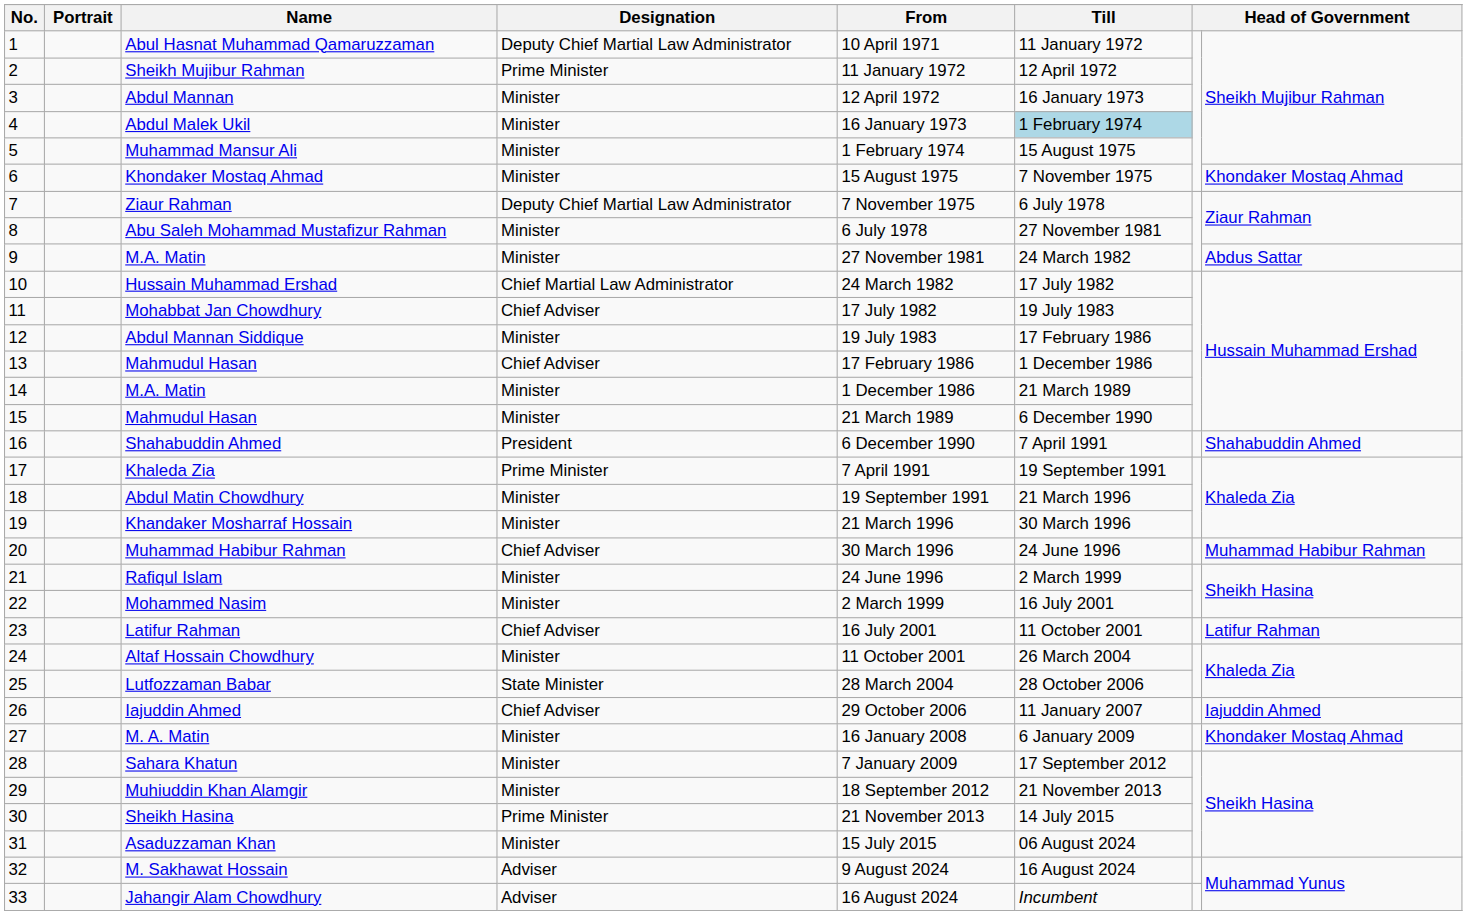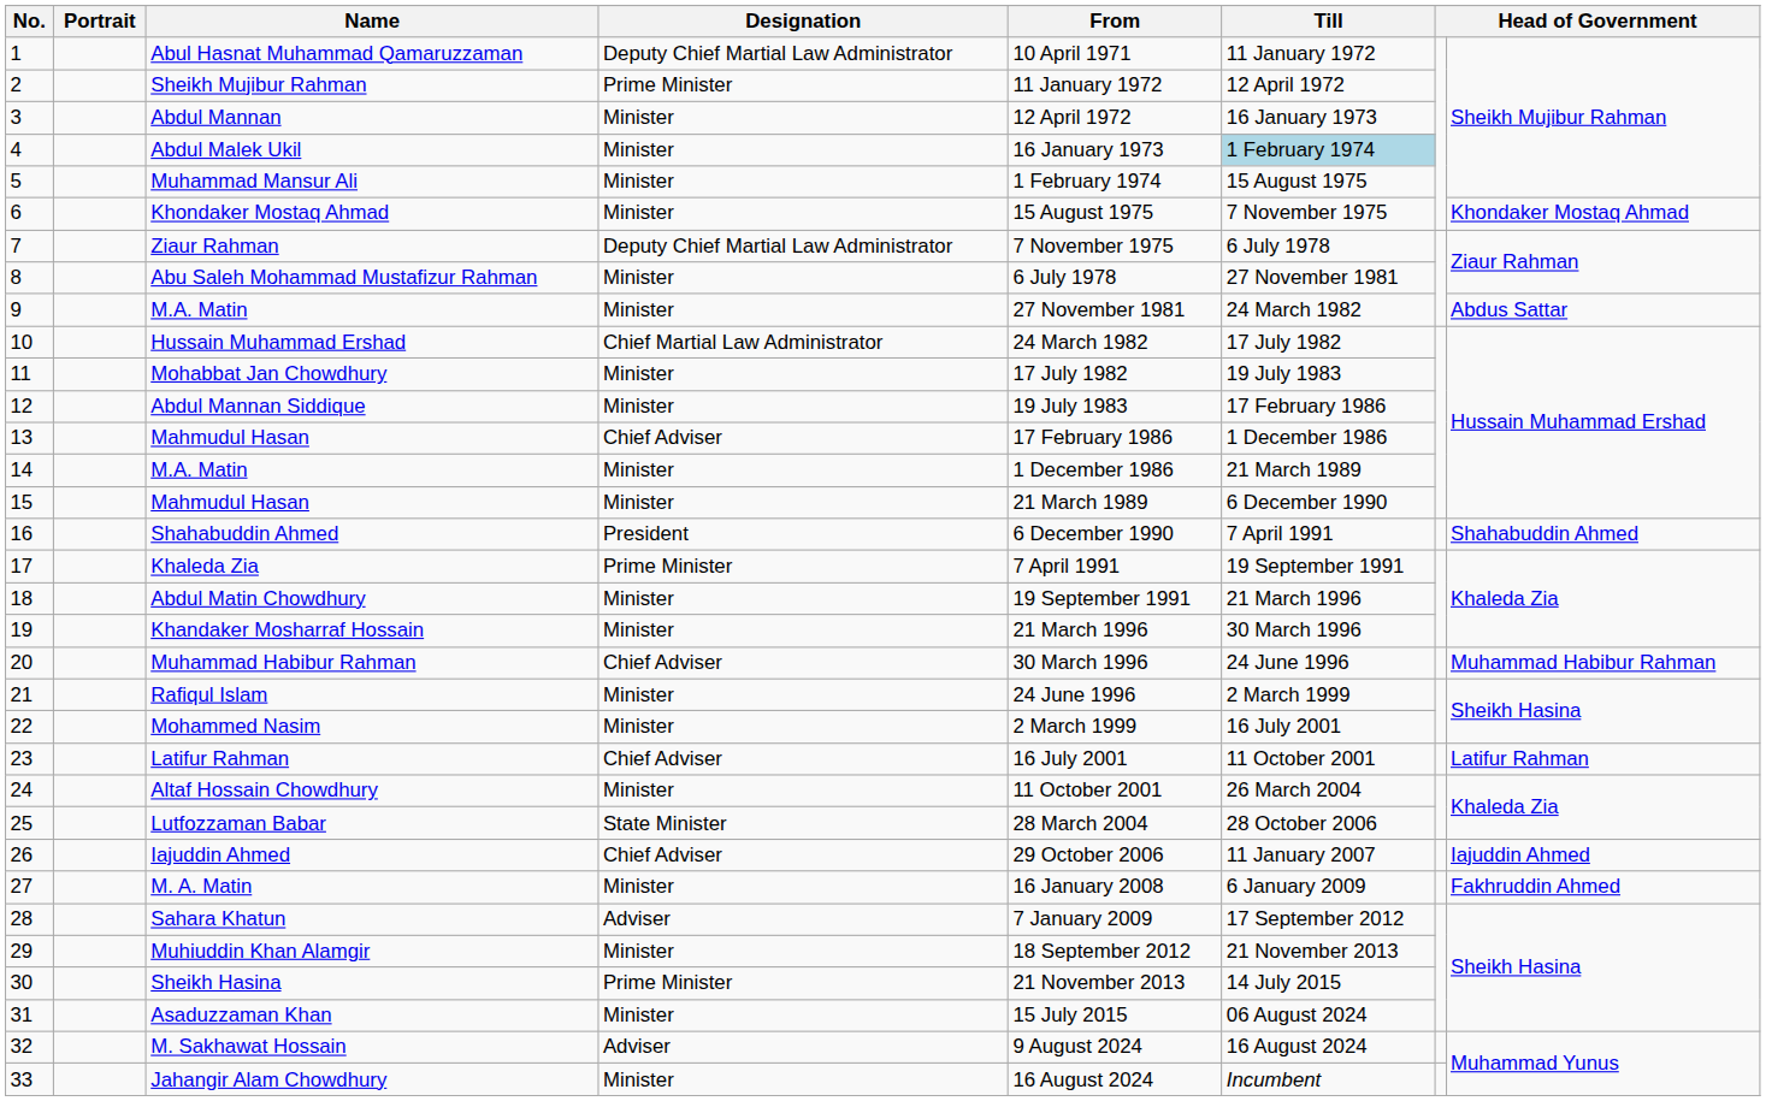 <table class="wikitable sortable" style="width:70%;">
 <tr align=center>
 </tr>
 <tr>
 <th align=center>No.</th>
 <th align=center>Portrait</th>
 <th align=center>Name</th>
 <th align=center>Designation</th>
 <th align=center>From</th>
 <th align=center>Till</th>
 <th align=center colspan=2>Head of Government</th>
 </tr>
 <tr>
 <td>1</td>
 <td></td>
 <td><a href='#'>Abul Hasnat Muhammad Qamaruzzaman</a></td>
 <td>Deputy Chief Martial Law Administrator</td>
 <td>10 April 1971</td>
 <td>11 January 1972</td>
 <td rowspan=6 style="background-color: "></td>
 <td rowspan=5><a href='#'>Sheikh Mujibur Rahman</a></td>
 </tr>
 <tr>
 <td>2</td>
 <td></td>
 <td><a href='#'>Sheikh Mujibur Rahman</a></td>
 <td>Prime Minister</td>
 <td>11 January 1972</td>
 <td>12 April 1972</td>
 </tr>
 <tr>
 <td>3</td>
 <td></td>
 <td><a href='#'>Abdul Mannan</a></td>
 <td>Minister</td>
 <td>12 April 1972</td>
 <td>16 January 1973</td>
 </tr>
 <tr>
 <td>4</td>
 <td></td>
 <td><a href='#'>Abdul Malek Ukil</a></td>
 <td>Minister</td>
 <td>16 January 1973</td>
 <td style="background: lightblue;">1 February 1974</td>
 </tr>
 <tr>
 <td>5</td>
 <td></td>
 <td><a href='#'>Muhammad Mansur Ali</a></td>
 <td>Minister</td>
 <td>1 February 1974</td>
 <td>15 August 1975</td>
 </tr>
 <tr>
 <td>6</td>
 <td></td>
 <td><a href='#'>Khondaker Mostaq Ahmad</a></td>
 <td>Minister</td>
 <td>15 August 1975</td>
 <td>7 November 1975</td>
 <td><a href='#'>Khondaker Mostaq Ahmad</a></td>
 </tr>
 <tr>
 <td>7</td>
 <td></td>
 <td><a href='#'>Ziaur Rahman</a></td>
 <td>Deputy Chief Martial Law Administrator</td>
 <td>7 November 1975</td>
 <td>6 July 1978</td>
 <td rowspan=3 style="background-color: "></td>
 <td rowspan=2><a href='#'>Ziaur Rahman</a></td>
 </tr>
 <tr>
 <td>8</td>
 <td></td>
 <td><a href='#'>Abu Saleh Mohammad Mustafizur Rahman</a></td>
 <td>Minister</td>
 <td>6 July 1978</td>
 <td>27 November 1981</td>
 </tr>
 <tr>
 <td>9</td>
 <td></td>
 <td><a href='#'>M.A. Matin</a></td>
 <td>Minister</td>
 <td>27 November 1981</td>
 <td>24 March 1982</td>
 <td><a href='#'>Abdus Sattar</a></td>
 </tr>
 <tr>
 <td>10</td>
 <td></td>
 <td><a href='#'>Hussain Muhammad Ershad</a></td>
 <td>Chief Martial Law Administrator</td>
 <td>24 March 1982</td>
 <td>17 July 1982</td>
 <td rowspan=6 style="background-color: "></td>
 <td rowspan=6><a href='#'>Hussain Muhammad Ershad</a></td>
 </tr>
 <tr>
 <td>11</td>
 <td></td>
 <td><a href='#'>Mohabbat Jan Chowdhury</a></td>
-<td>Chief Adviser</td>
+<td>Minister</td>
 <td>17 July 1982</td>
 <td>19 July 1983</td>
 </tr>
 <tr>
 <td>12</td>
 <td></td>
 <td><a href='#'>Abdul Mannan Siddique</a></td>
 <td>Minister</td>
 <td>19 July 1983</td>
 <td>17 February 1986</td>
 </tr>
 <tr>
 <td>13</td>
 <td></td>
 <td><a href='#'>Mahmudul Hasan</a></td>
 <td>Chief Adviser</td>
 <td>17 February 1986</td>
 <td>1 December 1986</td>
 </tr>
 <tr>
 <td>14</td>
 <td></td>
 <td><a href='#'>M.A. Matin</a></td>
 <td>Minister</td>
 <td>1 December 1986</td>
 <td>21 March 1989</td>
 </tr>
 <tr>
 <td>15</td>
 <td></td>
 <td><a href='#'>Mahmudul Hasan</a></td>
 <td>Minister</td>
 <td>21 March 1989</td>
 <td>6 December 1990</td>
 </tr>
 <tr>
 <td>16</td>
 <td></td>
 <td><a href='#'>Shahabuddin Ahmed</a></td>
 <td>President</td>
 <td>6 December 1990</td>
 <td>7 April 1991</td>
 <td></td>
 <td><a href='#'>Shahabuddin Ahmed</a></td>
 </tr>
 <tr>
 <td>17</td>
 <td></td>
 <td><a href='#'>Khaleda Zia</a></td>
 <td>Prime Minister</td>
 <td>7 April 1991</td>
 <td>19 September 1991</td>
 <td rowspan=3 style="background-color: "></td>
 <td rowspan=3><a href='#'>Khaleda Zia</a></td>
 </tr>
 <tr>
 <td>18</td>
 <td></td>
 <td><a href='#'>Abdul Matin Chowdhury</a></td>
 <td>Minister</td>
 <td>19 September 1991</td>
 <td>21 March 1996</td>
 </tr>
 <tr>
 <td>19</td>
 <td></td>
 <td><a href='#'>Khandaker Mosharraf Hossain</a></td>
 <td>Minister</td>
 <td>21 March 1996</td>
 <td>30 March 1996</td>
 </tr>
 <tr>
 <td>20</td>
 <td></td>
 <td><a href='#'>Muhammad Habibur Rahman</a></td>
 <td>Chief Adviser</td>
 <td>30 March 1996</td>
 <td>24 June 1996</td>
 <td></td>
 <td><a href='#'>Muhammad Habibur Rahman</a></td>
 </tr>
 <tr>
 <td>21</td>
 <td></td>
 <td><a href='#'>Rafiqul Islam</a></td>
 <td>Minister</td>
 <td>24 June 1996</td>
 <td>2 March 1999</td>
 <td rowspan=2 style="background-color: "></td>
 <td rowspan=2><a href='#'>Sheikh Hasina</a></td>
 </tr>
 <tr>
 <td>22</td>
 <td></td>
 <td><a href='#'>Mohammed Nasim</a></td>
 <td>Minister</td>
 <td>2 March 1999</td>
 <td>16 July 2001</td>
 </tr>
 <tr>
 <td>23</td>
 <td></td>
 <td><a href='#'>Latifur Rahman</a></td>
 <td>Chief Adviser</td>
 <td>16 July 2001</td>
 <td>11 October 2001</td>
 <td></td>
 <td><a href='#'>Latifur Rahman</a></td>
 </tr>
 <tr>
 <td>24</td>
 <td></td>
 <td><a href='#'>Altaf Hossain Chowdhury</a></td>
 <td>Minister</td>
 <td>11 October 2001</td>
 <td>26 March 2004</td>
 <td rowspan=2 style="background-color: "></td>
 <td rowspan=2><a href='#'>Khaleda Zia</a></td>
 </tr>
 <tr>
 <td>25</td>
 <td></td>
 <td><a href='#'>Lutfozzaman Babar</a></td>
 <td>State Minister</td>
 <td>28 March 2004</td>
 <td>28 October 2006</td>
 </tr>
 <tr>
 <td>26</td>
 <td></td>
 <td><a href='#'>Iajuddin Ahmed</a></td>
 <td>Chief Adviser</td>
 <td>29 October 2006</td>
 <td>11 January 2007</td>
 <td></td>
 <td><a href='#'>Iajuddin Ahmed</a></td>
 </tr>
 <tr>
 <td>27</td>
 <td></td>
 <td><a href='#'>M. A. Matin</a></td>
 <td>Minister</td>
 <td>16 January 2008</td>
 <td>6 January 2009</td>
 <td></td>
-<td><a href='#'>Khondaker Mostaq Ahmad</a></td>
+<td><a href='#'>Fakhruddin Ahmed</a></td>
 </tr>
 <tr>
 <td>28</td>
 <td></td>
 <td><a href='#'>Sahara Khatun</a></td>
-<td>Minister</td>
+<td>Adviser</td>
 <td>7 January 2009</td>
 <td>17 September 2012</td>
 <td rowspan=4 style="background-color: "></td>
 <td rowspan=4><a href='#'>Sheikh Hasina</a></td>
 </tr>
 <tr>
 <td>29</td>
 <td></td>
 <td><a href='#'>Muhiuddin Khan Alamgir</a></td>
 <td>Minister</td>
 <td>18 September 2012</td>
 <td>21 November 2013</td>
 </tr>
 <tr>
 <td>30</td>
 <td></td>
 <td><a href='#'>Sheikh Hasina</a></td>
 <td>Prime Minister</td>
 <td>21 November 2013</td>
 <td>14 July 2015</td>
 </tr>
 <tr>
 <td>31</td>
 <td></td>
 <td><a href='#'>Asaduzzaman Khan</a></td>
 <td>Minister</td>
 <td>15 July 2015</td>
 <td>06 August 2024</td>
 </tr>
 <tr>
 <td>32</td>
 <td></td>
 <td><a href='#'>M. Sakhawat Hossain</a></td>
 <td>Adviser</td>
 <td>9 August 2024</td>
 <td>16 August 2024</td>
 <td></td>
 <td rowspan=2><a href='#'>Muhammad Yunus</a></td>
 </tr>
 <tr>
 <td>33</td>
 <td></td>
 <td><a href='#'>Jahangir Alam Chowdhury</a></td>
-<td>Adviser</td>
+<td>Minister</td>
 <td>16 August 2024</td>
 <td><em>Incumbent</em></td>
 <td></td>
 </tr>
 <tr>
 </tr>
 </table>
